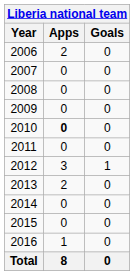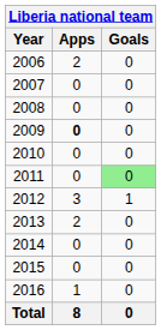 <table class="wikitable" style="text-align:center">
 <tr>
 <th colspan=3><a href='#'>Liberia national team</a></th>
 </tr>
 <tr>
 <th>Year</th>
 <th>Apps</th>
 <th>Goals</th>
 </tr>
 <tr>
 <td>2006</td>
 <td>2</td>
 <td>0</td>
 </tr>
 <tr>
 <td>2007</td>
 <td>0</td>
 <td>0</td>
 </tr>
 <tr>
 <td>2008</td>
 <td>0</td>
 <td>0</td>
 </tr>
 <tr>
 <td>2009</td>
-<td>0</td>
+<td><strong>0</strong></td>
 <td>0</td>
 </tr>
 <tr>
 <td>2010</td>
-<td><strong>0</strong></td>
+<td>0</td>
 <td>0</td>
 </tr>
 <tr>
 <td>2011</td>
 <td>0</td>
-<td>0</td>
+<td style="background: lightgreen;">0</td>
 </tr>
 <tr>
 <td>2012</td>
 <td>3</td>
 <td>1</td>
 </tr>
 <tr>
 <td>2013</td>
 <td>2</td>
 <td>0</td>
 </tr>
 <tr>
 <td>2014</td>
 <td>0</td>
 <td>0</td>
 </tr>
 <tr>
 <td>2015</td>
 <td>0</td>
 <td>0</td>
 </tr>
 <tr>
 <td>2016</td>
 <td>1</td>
 <td>0</td>
 </tr>
 <tr>
 <th>Total</th>
 <th>8</th>
 <th>0</th>
 </tr>
 </table>
